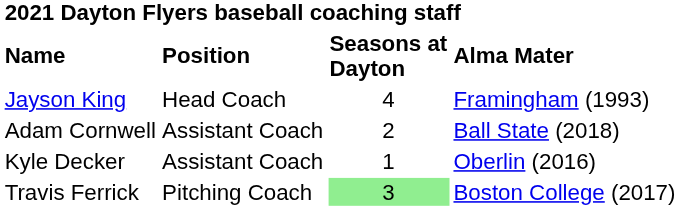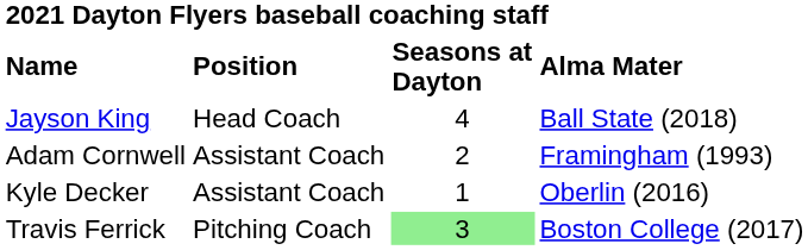 <table class="toccolours" style="text-align: left; font-size:90%;">
 <tr>
 <th colspan="4">2021 Dayton Flyers baseball coaching staff</th>
 </tr>
 <tr>
 <th>Name</th>
 <th>Position</th>
 <th>Seasons at<br>Dayton</th>
 <th>Alma Mater</th>
 </tr>
 <tr>
 <td><a href='#'>Jayson King</a></td>
 <td>Head Coach</td>
 <td align=center>4</td>
-<td><a href='#'>Framingham</a> (1993)</td>
+<td><a href='#'>Ball State</a> (2018)</td>
 </tr>
 <tr>
 <td>Adam Cornwell</td>
 <td>Assistant Coach</td>
 <td align=center>2</td>
-<td><a href='#'>Ball State</a> (2018)</td>
+<td><a href='#'>Framingham</a> (1993)</td>
 </tr>
 <tr>
 <td>Kyle Decker</td>
 <td>Assistant Coach</td>
 <td align=center>1</td>
 <td><a href='#'>Oberlin</a> (2016)</td>
 </tr>
 <tr>
 <td>Travis Ferrick</td>
 <td>Pitching Coach</td>
 <td align=center style="background: lightgreen;">3</td>
 <td><a href='#'>Boston College</a> (2017)</td>
 </tr>
 </table>
